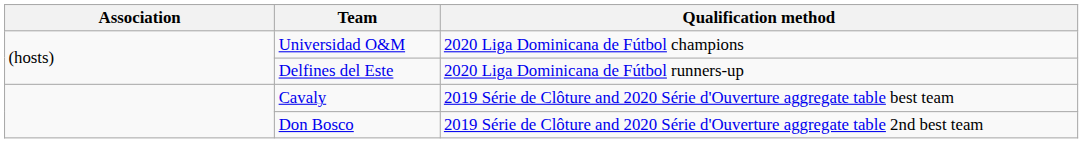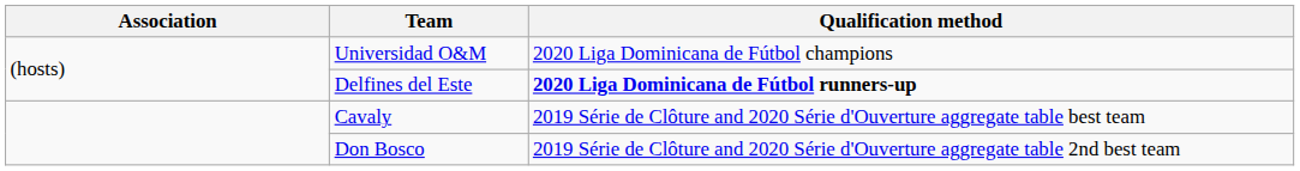 <table class="wikitable">
 <tr>
 <th width=250>Association</th>
 <th width=150>Team</th>
 <th width=600>Qualification method</th>
 </tr>
 <tr>
 <td rowspan=2> (hosts)</td>
 <td><a href='#'>Universidad O&M</a></td>
 <td><a href='#'>2020 Liga Dominicana de Fútbol</a> champions</td>
 </tr>
 <tr>
 <td><a href='#'>Delfines del Este</a></td>
-<td><a href='#'>2020 Liga Dominicana de Fútbol</a> runners-up</td>
+<td><strong><a href='#'>2020 Liga Dominicana de Fútbol</a> runners-up</strong></td>
 </tr>
 <tr>
 <td rowspan=2></td>
 <td><a href='#'>Cavaly</a></td>
 <td><a href='#'>2019 Série de Clôture and 2020 Série d'Ouverture aggregate table</a> best team</td>
 </tr>
 <tr>
 <td><a href='#'>Don Bosco</a></td>
 <td><a href='#'>2019 Série de Clôture and 2020 Série d'Ouverture aggregate table</a> 2nd best team</td>
 </tr>
 </table>
